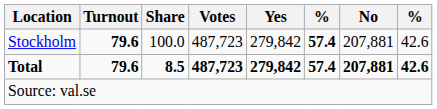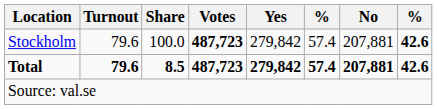 <table class="wikitable sortable" style=text-align:right>
 <tr>
 <th>Location</th>
 <th>Turnout</th>
 <th>Share</th>
 <th>Votes</th>
 <th>Yes</th>
 <th>%</th>
 <th>No</th>
 <th>%</th>
 </tr>
 <tr>
 <td align=left><a href='#'>Stockholm</a></td>
-<td><strong>79.6</strong></td>
+<td>79.6</td>
 <td>100.0</td>
-<td>487,723</td>
+<td><strong>487,723</strong></td>
 <td>279,842</td>
-<td><strong>57.4</strong></td>
+<td>57.4</td>
 <td>207,881</td>
-<td>42.6</td>
+<td><strong>42.6</strong></td>
 </tr>
 <tr>
 <td align=left><strong>Total</strong></td>
 <td><strong>79.6</strong></td>
 <td><strong>8.5</strong></td>
 <td><strong>487,723</strong></td>
 <td><strong>279,842</strong></td>
 <td><strong>57.4</strong></td>
 <td><strong>207,881</strong></td>
 <td><strong>42.6</strong></td>
 </tr>
 <tr>
 <td align=left colspan=8>Source: val.se </td>
 </tr>
 </table>
